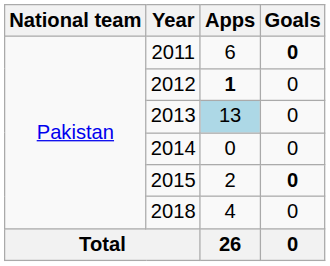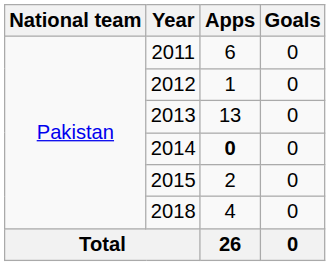 <table class="wikitable" style="text-align:center">
 <tr>
 <th>National team</th>
 <th>Year</th>
 <th>Apps</th>
 <th>Goals</th>
 </tr>
 <tr>
 <td rowspan="6"><a href='#'>Pakistan</a></td>
 <td>2011</td>
 <td>6</td>
-<td><strong>0</strong></td>
+<td>0</td>
 </tr>
 <tr>
 <td>2012</td>
-<td><strong>1</strong></td>
+<td>1</td>
 <td>0</td>
 </tr>
 <tr>
 <td>2013</td>
-<td style="background: lightblue;">13</td>
+<td>13</td>
 <td>0</td>
 </tr>
 <tr>
 <td>2014</td>
-<td>0</td>
+<td><strong>0</strong></td>
 <td>0</td>
 </tr>
 <tr>
 <td>2015</td>
 <td>2</td>
-<td><strong>0</strong></td>
+<td>0</td>
 </tr>
 <tr>
 <td>2018</td>
 <td>4</td>
 <td>0</td>
 </tr>
 <tr>
 <th colspan="2">Total</th>
 <th>26</th>
 <th>0</th>
 </tr>
 </table>
